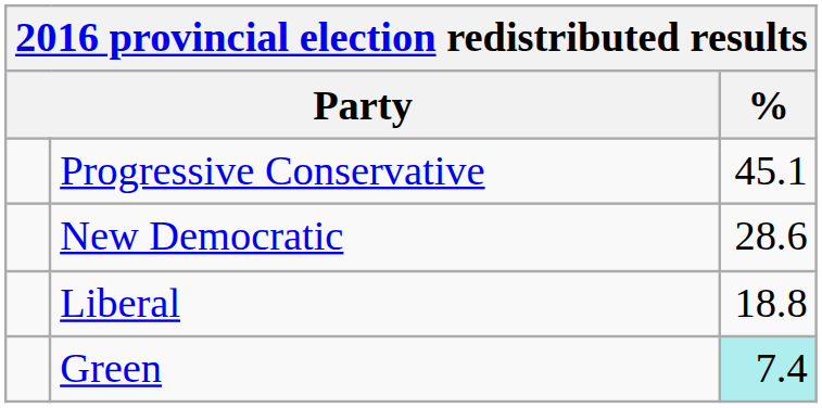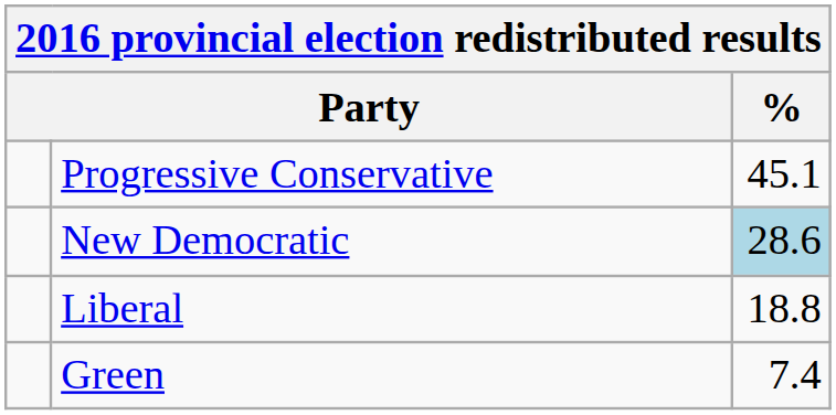 <table class="wikitable">
 <tr>
 <th colspan="4"><a href='#'>2016 provincial election</a> redistributed results</th>
 </tr>
 <tr>
 <th bgcolor="#DDDDFF" width="130px" colspan="2">Party</th>
 <th bgcolor="#DDDDFF" width="30px">%</th>
 </tr>
 <tr>
 <td> </td>
 <td><a href='#'>Progressive Conservative</a></td>
 <td align=right>45.1</td>
 </tr>
 <tr>
 <td> </td>
 <td><a href='#'>New Democratic</a></td>
-<td align=right>28.6</td>
+<td align=right style="background: lightblue;">28.6</td>
 </tr>
 <tr>
 <td> </td>
 <td><a href='#'>Liberal</a></td>
 <td align=right>18.8</td>
 </tr>
 <tr>
 <td> </td>
 <td><a href='#'>Green</a></td>
-<td align=right style="background: paleturquoise;">7.4</td>
+<td align=right>7.4</td>
 </tr>
 </table>
